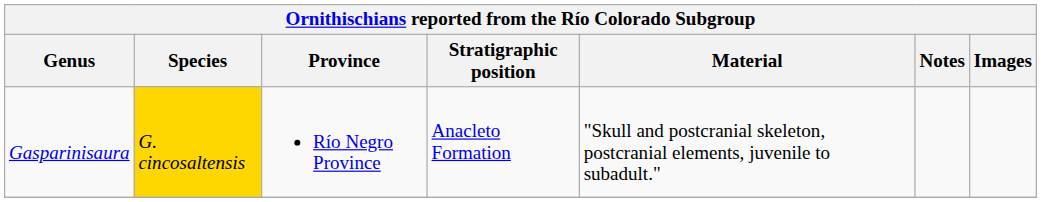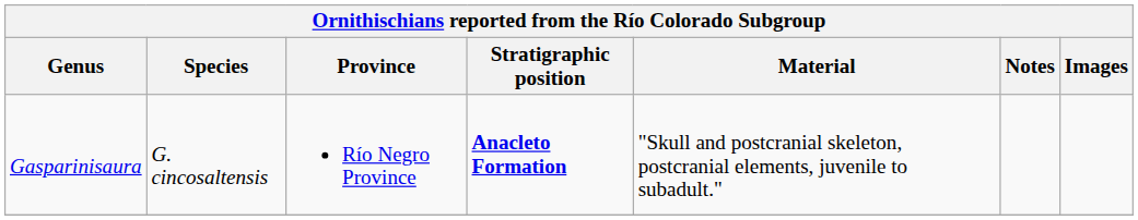 <table class="wikitable" align="center">
 <tr>
 <th colspan="7" align="center"><strong><a href='#'>Ornithischians</a> reported from the Río Colorado Subgroup</strong></th>
 </tr>
 <tr>
 <th>Genus</th>
 <th>Species</th>
 <th>Province</th>
 <th>Stratigraphic position</th>
 <th>Material</th>
 <th>Notes</th>
 <th>Images</th>
 </tr>
 <tr>
 <td><br><em><a href='#'>Gasparinisaura</a></em></td>
-<td style="background: gold;"><br><em>G. cincosaltensis</em></td>
+<td><br><em>G. cincosaltensis</em></td>
 <td><br><ul><li><a href='#'>Río Negro Province</a></li></ul></td>
-<td><a href='#'>Anacleto Formation</a></td>
+<td><strong><a href='#'>Anacleto Formation</a></strong></td>
 <td><br>"Skull and postcranial skeleton, postcranial elements, juvenile to subadult."</td>
 <td></td>
 <td rowspan="1"><br></td>
 </tr>
 <tr>
 </tr>
 </table>
